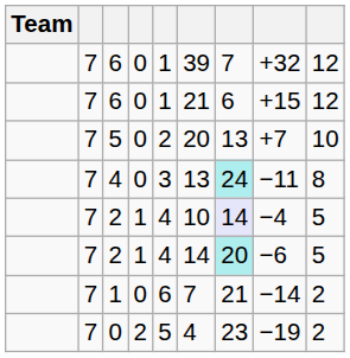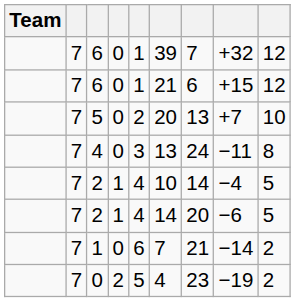 <table class="wikitable">
 <tr>
 <th>Team</th>
 <th></th>
 <th></th>
 <th></th>
 <th></th>
 <th></th>
 <th></th>
 <th></th>
 <th></th>
 </tr>
 <tr>
 <td></td>
 <td>7</td>
 <td>6</td>
 <td>0</td>
 <td>1</td>
 <td>39</td>
 <td>7</td>
 <td>+32</td>
 <td>12</td>
 </tr>
 <tr>
 <td></td>
 <td>7</td>
 <td>6</td>
 <td>0</td>
 <td>1</td>
 <td>21</td>
 <td>6</td>
 <td>+15</td>
 <td>12</td>
 </tr>
 <tr>
 <td></td>
 <td>7</td>
 <td>5</td>
 <td>0</td>
 <td>2</td>
 <td>20</td>
 <td>13</td>
 <td>+7</td>
 <td>10</td>
 </tr>
 <tr>
 <td></td>
 <td>7</td>
 <td>4</td>
 <td>0</td>
 <td>3</td>
 <td>13</td>
-<td style="background: paleturquoise;">24</td>
+<td>24</td>
 <td>−11</td>
 <td>8</td>
 </tr>
 <tr>
 <td></td>
 <td>7</td>
 <td>2</td>
 <td>1</td>
 <td>4</td>
 <td>10</td>
-<td style="background: lavender;">14</td>
+<td>14</td>
 <td>−4</td>
 <td>5</td>
 </tr>
 <tr>
 <td></td>
 <td>7</td>
 <td>2</td>
 <td>1</td>
 <td>4</td>
 <td>14</td>
-<td style="background: paleturquoise;">20</td>
+<td>20</td>
 <td>−6</td>
 <td>5</td>
 </tr>
 <tr>
 <td></td>
 <td>7</td>
 <td>1</td>
 <td>0</td>
 <td>6</td>
 <td>7</td>
 <td>21</td>
 <td>−14</td>
 <td>2</td>
 </tr>
 <tr>
 <td></td>
 <td>7</td>
 <td>0</td>
 <td>2</td>
 <td>5</td>
 <td>4</td>
 <td>23</td>
 <td>−19</td>
 <td>2</td>
 </tr>
 </table>
